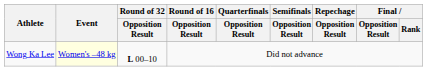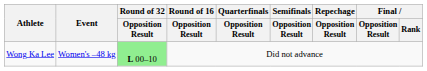 <table class="wikitable" style="font-size:90%">
 <tr>
 <th rowspan="2">Athlete</th>
 <th rowspan="2">Event</th>
 <th>Round of 32</th>
 <th>Round of 16</th>
 <th>Quarterfinals</th>
 <th>Semifinals</th>
 <th>Repechage</th>
 <th colspan=2>Final / </th>
 </tr>
 <tr style="font-size:95%">
 <th>Opposition<br>Result</th>
 <th>Opposition<br>Result</th>
 <th>Opposition<br>Result</th>
 <th>Opposition<br>Result</th>
 <th>Opposition<br>Result</th>
 <th>Opposition<br>Result</th>
 <th>Rank</th>
 </tr>
 <tr align=center>
 <td align=left><a href='#'>Wong Ka Lee</a></td>
-<td align=left style="background: lightyellow;"><a href='#'>Women's –48 kg</a></td>
-<td><br><strong>L</strong> 00–10</td>
+<td align=left><a href='#'>Women's –48 kg</a></td>
+<td style="background: lightgreen;"><br><strong>L</strong> 00–10</td>
 <td colspan=6>Did not advance</td>
 </tr>
 </table>
